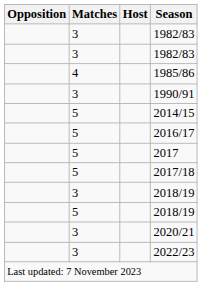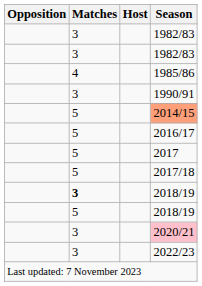 <table class="wikitable plainrowheaders sortable">
 <tr>
 <th scope=col>Opposition</th>
 <th scope=col style="text-align:center">Matches</th>
 <th scope=col>Host</th>
 <th scope=col style="text-align:center">Season</th>
 </tr>
 <tr>
 <td></td>
 <td>3</td>
 <td></td>
 <td>1982/83</td>
 </tr>
 <tr>
 <td></td>
 <td>3</td>
 <td></td>
 <td>1982/83</td>
 </tr>
 <tr>
 <td></td>
 <td>4</td>
 <td></td>
 <td>1985/86</td>
 </tr>
 <tr>
 <td></td>
 <td>3</td>
 <td></td>
 <td>1990/91</td>
 </tr>
 <tr>
 <td></td>
 <td>5</td>
 <td></td>
-<td>2014/15</td>
+<td style="background: lightsalmon;">2014/15</td>
 </tr>
 <tr>
 <td></td>
 <td>5</td>
 <td></td>
 <td>2016/17</td>
 </tr>
 <tr>
 <td></td>
 <td>5</td>
 <td></td>
 <td>2017</td>
 </tr>
 <tr>
 <td></td>
 <td>5</td>
 <td></td>
 <td>2017/18</td>
 </tr>
 <tr>
 <td></td>
-<td>3</td>
+<td><strong>3</strong></td>
 <td></td>
 <td>2018/19</td>
 </tr>
 <tr>
 <td></td>
 <td>5</td>
 <td></td>
 <td>2018/19</td>
 </tr>
 <tr>
 <td></td>
 <td>3</td>
 <td></td>
-<td>2020/21</td>
+<td style="background: pink;">2020/21</td>
 </tr>
 <tr>
 <td></td>
 <td>3</td>
 <td></td>
 <td>2022/23</td>
 </tr>
 <tr class=sortbottom>
 <td colspan=5><small>Last updated: 7 November 2023</small></td>
 </tr>
 </table>
